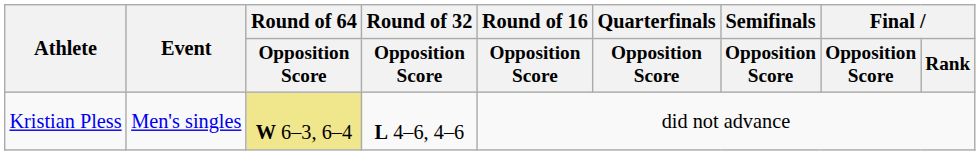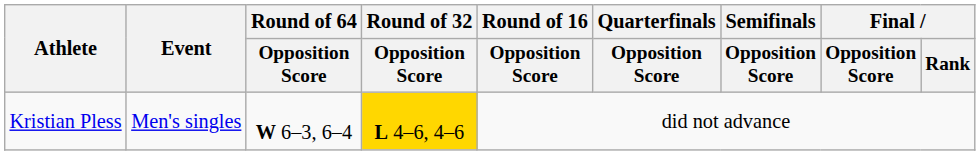 <table class=wikitable style="font-size:90%">
 <tr>
 <th rowspan="2">Athlete</th>
 <th rowspan="2">Event</th>
 <th>Round of 64</th>
 <th>Round of 32</th>
 <th>Round of 16</th>
 <th>Quarterfinals</th>
 <th>Semifinals</th>
 <th colspan=2>Final / </th>
 </tr>
 <tr style="font-size:95%">
 <th>Opposition<br>Score</th>
 <th>Opposition<br>Score</th>
 <th>Opposition<br>Score</th>
 <th>Opposition<br>Score</th>
 <th>Opposition<br>Score</th>
 <th>Opposition<br>Score</th>
 <th>Rank</th>
 </tr>
 <tr align=center>
 <td align=left><a href='#'>Kristian Pless</a></td>
 <td align=left><a href='#'>Men's singles</a></td>
-<td style="background: khaki;"><br><strong>W</strong> 6–3, 6–4</td>
-<td><br><strong>L</strong> 4–6, 4–6</td>
+<td><br><strong>W</strong> 6–3, 6–4</td>
+<td style="background: gold;"><br><strong>L</strong> 4–6, 4–6</td>
 <td colspan=5>did not advance</td>
 </tr>
 </table>
